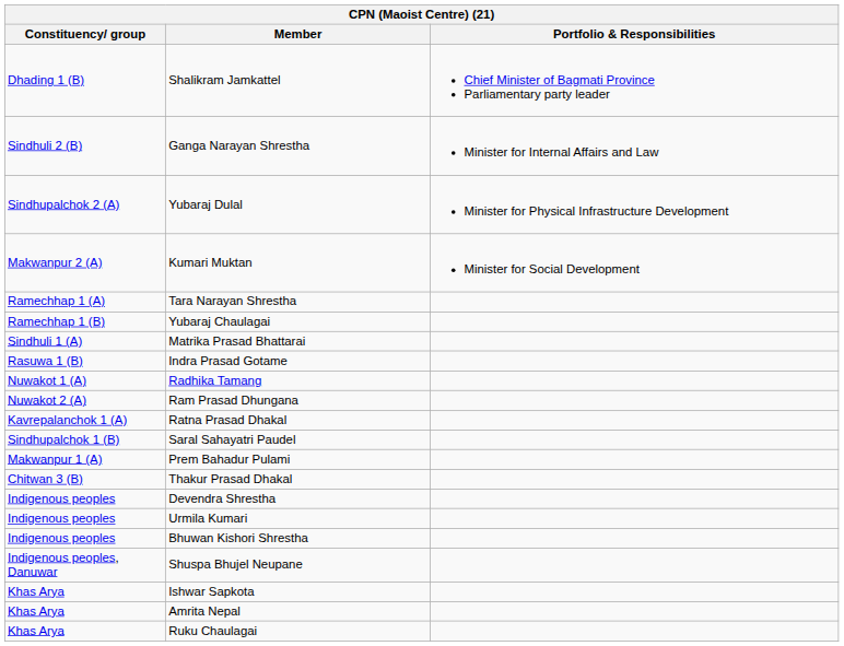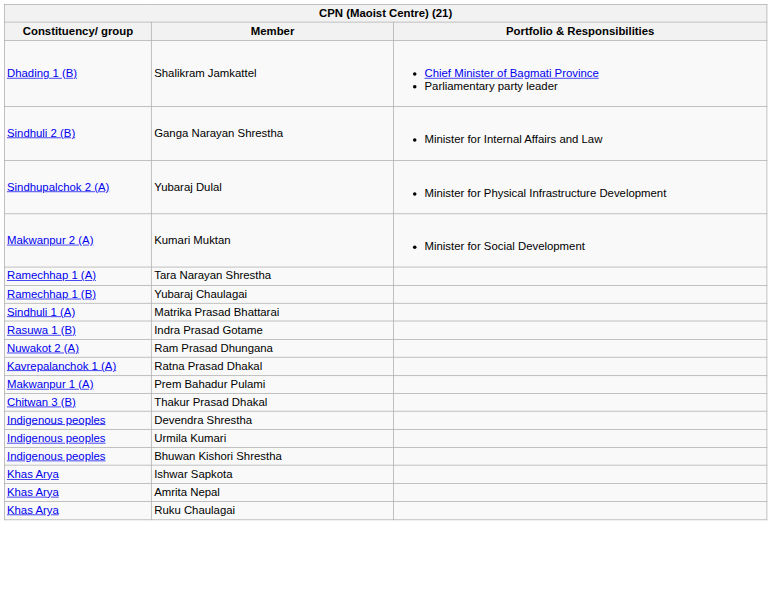 <table class="wikitable sortable mw-collapsible mw-collapsed">
 <tr>
 <th colspan="3" style="width: 800pt; background:">CPN (Maoist Centre) (21)</th>
 </tr>
 <tr>
 <th style="width:150pt;">Constituency/ group</th>
 <th style="width:250pt;">Member</th>
 <th>Portfolio & Responsibilities</th>
 </tr>
 <tr>
 <td><a href='#'>Dhading 1 (B)</a></td>
 <td>Shalikram Jamkattel</td>
 <td><br><ul><li><a href='#'>Chief Minister of Bagmati Province</a></li><li>Parliamentary party leader</li></ul></td>
 </tr>
 <tr>
 <td><a href='#'>Sindhuli 2 (B)</a></td>
 <td>Ganga Narayan Shrestha</td>
 <td><br><ul><li>Minister for Internal Affairs and Law</li></ul></td>
 </tr>
 <tr>
 <td><a href='#'>Sindhupalchok 2 (A)</a></td>
 <td>Yubaraj Dulal</td>
 <td><br><ul><li>Minister for Physical Infrastructure Development</li></ul></td>
 </tr>
 <tr>
 <td><a href='#'>Makwanpur 2 (A)</a></td>
 <td>Kumari Muktan</td>
 <td><br><ul><li>Minister for Social Development</li></ul></td>
 </tr>
 <tr>
 <td><a href='#'>Ramechhap 1 (A)</a></td>
 <td>Tara Narayan Shrestha</td>
 <td></td>
 </tr>
 <tr>
 <td><a href='#'>Ramechhap 1 (B)</a></td>
 <td>Yubaraj Chaulagai</td>
 <td></td>
 </tr>
 <tr>
 <td><a href='#'>Sindhuli 1 (A)</a></td>
 <td>Matrika Prasad Bhattarai</td>
 <td></td>
 </tr>
 <tr>
 <td><a href='#'>Rasuwa 1 (B)</a></td>
 <td>Indra Prasad Gotame</td>
 <td></td>
 </tr>
 <tr>
-<td><a href='#'>Nuwakot 1 (A)</a></td>
-<td><a href='#'>Radhika Tamang</a></td>
-<td></td>
-</tr>
-<tr>
 <td><a href='#'>Nuwakot 2 (A)</a></td>
 <td>Ram Prasad Dhungana</td>
 <td></td>
 </tr>
 <tr>
 <td><a href='#'>Kavrepalanchok 1 (A)</a></td>
 <td>Ratna Prasad Dhakal</td>
-<td></td>
-</tr>
-<tr>
-<td><a href='#'>Sindhupalchok 1 (B)</a></td>
-<td>Saral Sahayatri Paudel</td>
 <td></td>
 </tr>
 <tr>
 <td><a href='#'>Makwanpur 1 (A)</a></td>
 <td>Prem Bahadur Pulami</td>
 <td></td>
 </tr>
 <tr>
 <td><a href='#'>Chitwan 3 (B)</a></td>
 <td>Thakur Prasad Dhakal</td>
 <td></td>
 </tr>
 <tr>
 <td><a href='#'>Indigenous peoples</a></td>
 <td>Devendra Shrestha</td>
 <td></td>
 </tr>
 <tr>
 <td><a href='#'>Indigenous peoples</a></td>
 <td>Urmila Kumari</td>
 <td></td>
 </tr>
 <tr>
 <td><a href='#'>Indigenous peoples</a></td>
 <td>Bhuwan Kishori Shrestha</td>
 <td></td>
 </tr>
 <tr>
-<td><a href='#'>Indigenous peoples</a>, <a href='#'>Danuwar</a></td>
-<td>Shuspa Bhujel Neupane</td>
-<td></td>
-</tr>
-<tr>
 <td><a href='#'>Khas Arya</a></td>
 <td>Ishwar Sapkota</td>
 <td></td>
 </tr>
 <tr>
 <td><a href='#'>Khas Arya</a></td>
 <td>Amrita Nepal</td>
 <td></td>
 </tr>
 <tr>
 <td><a href='#'>Khas Arya</a></td>
 <td>Ruku Chaulagai</td>
 <td></td>
 </tr>
 </table>
